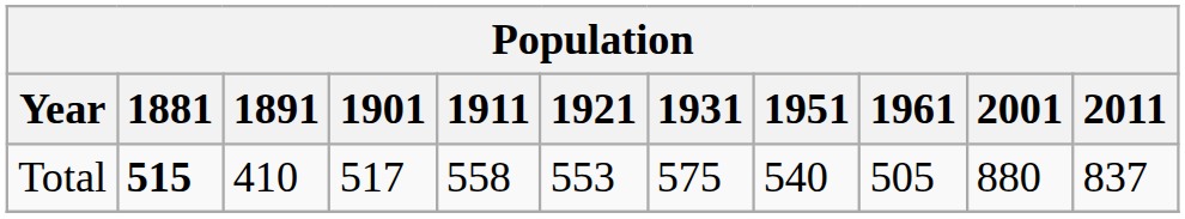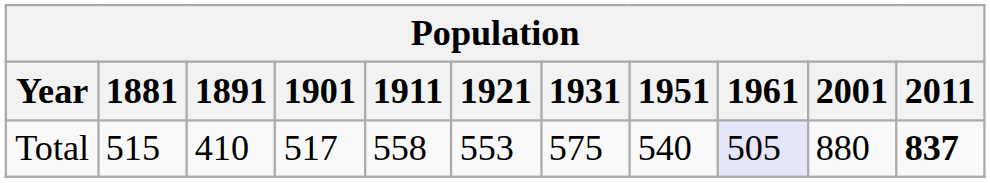 <table class="wikitable" style="margin: 1em auto 1em auto;">
 <tr>
 <th colspan="11">Population</th>
 </tr>
 <tr>
 <th>Year</th>
 <th>1881</th>
 <th>1891</th>
 <th>1901</th>
 <th>1911</th>
 <th>1921</th>
 <th>1931</th>
 <th>1951</th>
 <th>1961</th>
 <th>2001</th>
 <th>2011</th>
 </tr>
 <tr>
 <td>Total</td>
-<td><strong>515</strong></td>
+<td>515</td>
 <td>410</td>
 <td>517</td>
 <td>558</td>
 <td>553</td>
 <td>575</td>
 <td>540</td>
-<td>505</td>
+<td style="background: lavender;">505</td>
 <td>880</td>
-<td>837</td>
+<td><strong>837</strong></td>
 </tr>
 <tr>
 </tr>
 </table>
